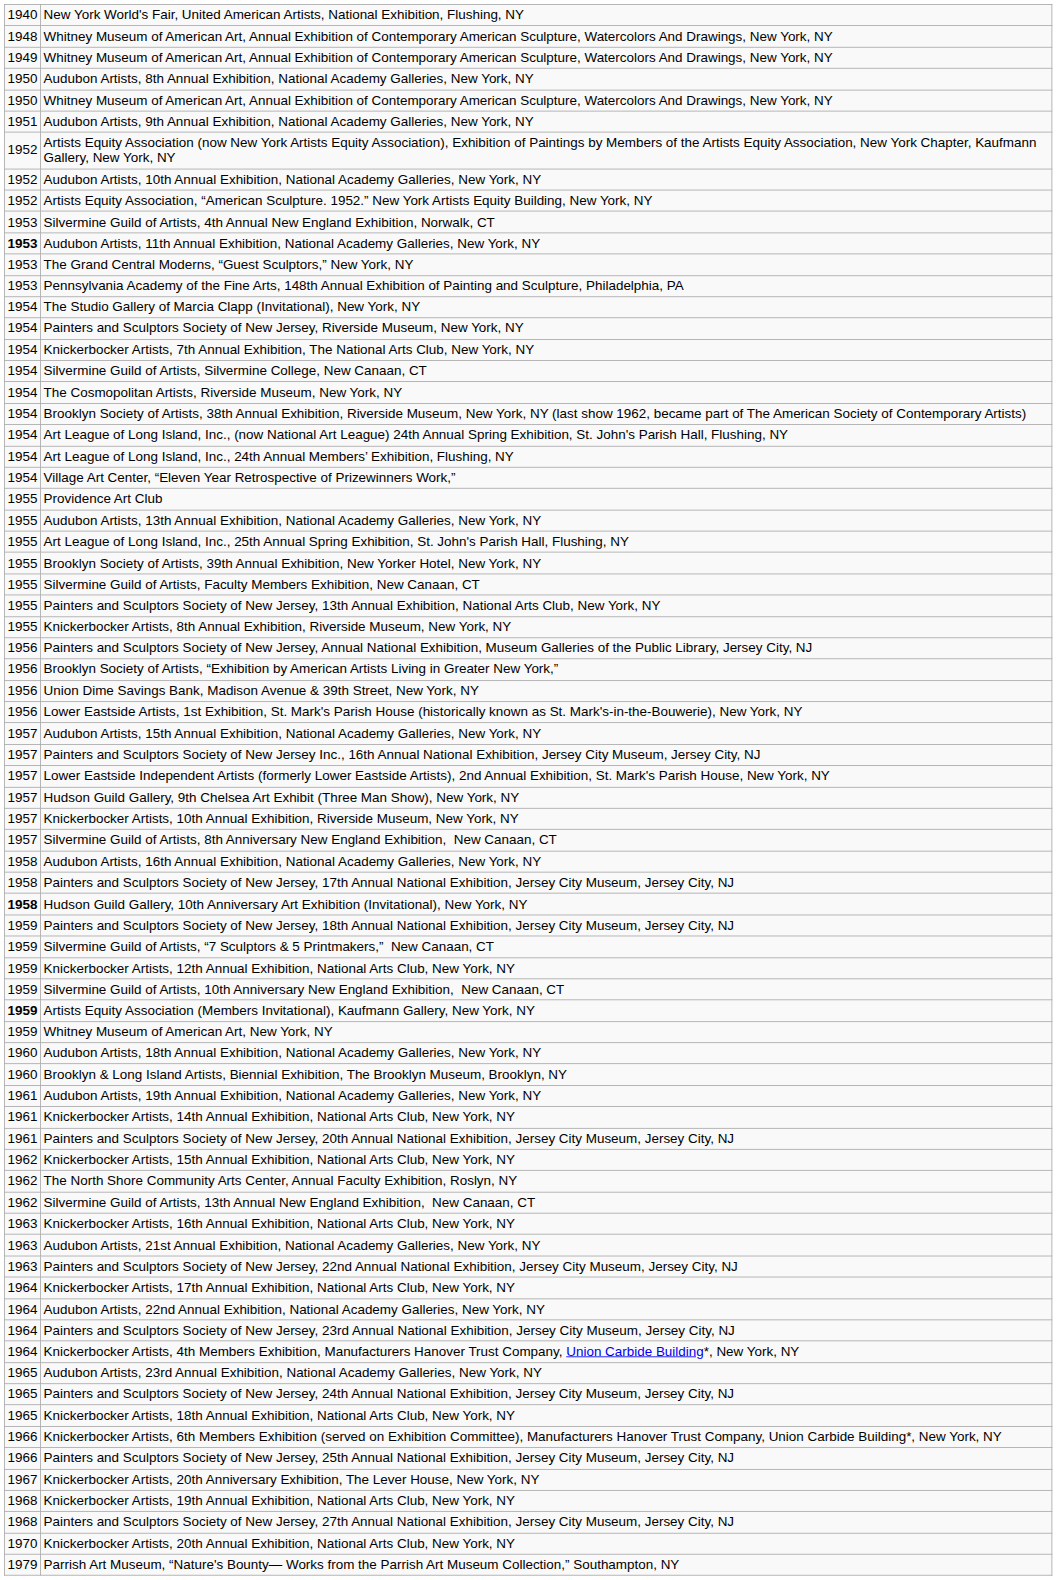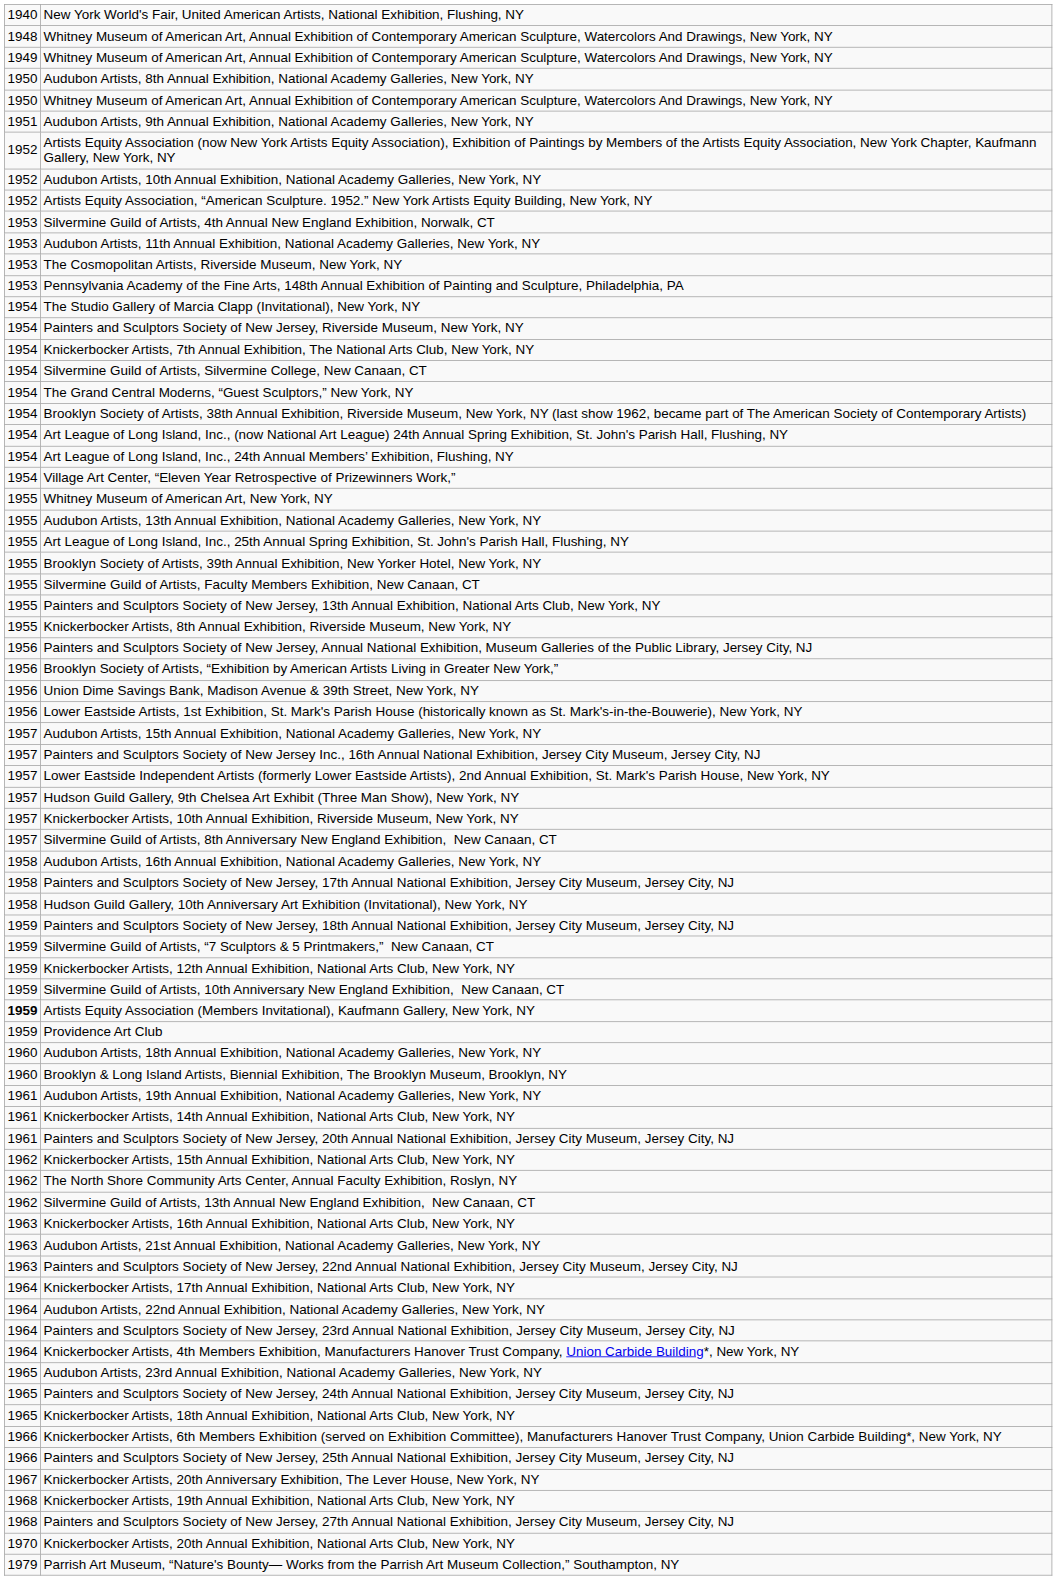 <table class="wikitable">
 <tr>
 <td>1940</td>
 <td>New York World's Fair, United American Artists, National Exhibition, Flushing, NY</td>
 </tr>
 <tr>
 <td>1948</td>
 <td>Whitney Museum of American Art, Annual Exhibition of Contemporary American Sculpture, Watercolors And Drawings, New York, NY</td>
 </tr>
 <tr>
 <td>1949</td>
 <td>Whitney Museum of American Art, Annual Exhibition of Contemporary American Sculpture, Watercolors And Drawings, New York, NY</td>
 </tr>
 <tr>
 <td>1950</td>
 <td>Audubon Artists, 8th Annual Exhibition, National Academy Galleries, New York, NY</td>
 </tr>
 <tr>
 <td>1950</td>
 <td>Whitney Museum of American Art, Annual Exhibition of Contemporary American Sculpture, Watercolors And Drawings, New York, NY</td>
 </tr>
 <tr>
 <td>1951</td>
 <td>Audubon Artists, 9th Annual Exhibition, National Academy Galleries, New York, NY</td>
 </tr>
 <tr>
 <td>1952</td>
 <td>Artists Equity Association (now New York Artists Equity Association), Exhibition of Paintings by Members of the Artists Equity Association, New York Chapter, Kaufmann Gallery, New York, NY</td>
 </tr>
 <tr>
 <td>1952</td>
 <td>Audubon Artists, 10th Annual Exhibition, National Academy Galleries, New York, NY</td>
 </tr>
 <tr>
 <td>1952</td>
 <td>Artists Equity Association, “American Sculpture. 1952.” New York Artists Equity Building, New York, NY</td>
 </tr>
 <tr>
 <td>1953</td>
 <td>Silvermine Guild of Artists, 4th Annual New England Exhibition, Norwalk, CT</td>
 </tr>
 <tr>
-<td><strong>1953</strong></td>
+<td>1953</td>
 <td>Audubon Artists, 11th Annual Exhibition, National Academy Galleries, New York, NY</td>
 </tr>
 <tr>
 <td>1953</td>
-<td>The Grand Central Moderns, “Guest Sculptors,” New York, NY</td>
+<td>The Cosmopolitan Artists, Riverside Museum, New York, NY</td>
 </tr>
 <tr>
 <td>1953</td>
 <td>Pennsylvania Academy of the Fine Arts, 148th Annual Exhibition of Painting and Sculpture, Philadelphia, PA</td>
 </tr>
 <tr>
 <td>1954</td>
 <td>The Studio Gallery of Marcia Clapp (Invitational), New York, NY</td>
 </tr>
 <tr>
 <td>1954</td>
 <td>Painters and Sculptors Society of New Jersey, Riverside Museum, New York, NY</td>
 </tr>
 <tr>
 <td>1954</td>
 <td>Knickerbocker Artists, 7th Annual Exhibition, The National Arts Club, New York, NY</td>
 </tr>
 <tr>
 <td>1954</td>
 <td>Silvermine Guild of Artists, Silvermine College, New Canaan, CT</td>
 </tr>
 <tr>
 <td>1954</td>
-<td>The Cosmopolitan Artists, Riverside Museum, New York, NY</td>
+<td>The Grand Central Moderns, “Guest Sculptors,” New York, NY</td>
 </tr>
 <tr>
 <td>1954</td>
 <td>Brooklyn Society of Artists, 38th Annual Exhibition, Riverside Museum, New York, NY (last show 1962, became part of The American Society of Contemporary Artists)</td>
 </tr>
 <tr>
 <td>1954</td>
 <td>Art League of Long Island, Inc., (now National Art League) 24th Annual Spring Exhibition, St. John's Parish Hall, Flushing, NY</td>
 </tr>
 <tr>
 <td>1954</td>
 <td>Art League of Long Island, Inc., 24th Annual Members’ Exhibition, Flushing, NY</td>
 </tr>
 <tr>
 <td>1954</td>
 <td>Village Art Center, “Eleven Year Retrospective of Prizewinners Work,”</td>
 </tr>
 <tr>
 <td>1955</td>
-<td>Providence Art Club</td>
+<td>Whitney Museum of American Art, New York, NY</td>
 </tr>
 <tr>
 <td>1955</td>
 <td>Audubon Artists, 13th Annual Exhibition, National Academy Galleries, New York, NY</td>
 </tr>
 <tr>
 <td>1955</td>
 <td>Art League of Long Island, Inc., 25th Annual Spring Exhibition, St. John's Parish Hall, Flushing, NY</td>
 </tr>
 <tr>
 <td>1955</td>
 <td>Brooklyn Society of Artists, 39th Annual Exhibition, New Yorker Hotel, New York, NY</td>
 </tr>
 <tr>
 <td>1955</td>
 <td>Silvermine Guild of Artists, Faculty Members Exhibition, New Canaan, CT</td>
 </tr>
 <tr>
 <td>1955</td>
 <td>Painters and Sculptors Society of New Jersey, 13th Annual Exhibition, National Arts Club, New York, NY</td>
 </tr>
 <tr>
 <td>1955</td>
 <td>Knickerbocker Artists, 8th Annual Exhibition, Riverside Museum, New York, NY</td>
 </tr>
 <tr>
 <td>1956</td>
 <td>Painters and Sculptors Society of New Jersey, Annual National Exhibition, Museum Galleries of the Public Library, Jersey City, NJ</td>
 </tr>
 <tr>
 <td>1956</td>
 <td>Brooklyn Society of Artists, “Exhibition by American Artists Living in Greater New York,”</td>
 </tr>
 <tr>
 <td>1956</td>
 <td>Union Dime Savings Bank, Madison Avenue & 39th Street, New York, NY</td>
 </tr>
 <tr>
 <td>1956</td>
 <td>Lower Eastside Artists, 1st Exhibition, St. Mark's Parish House (historically known as St. Mark's-in-the-Bouwerie), New York, NY</td>
 </tr>
 <tr>
 <td>1957</td>
 <td>Audubon Artists, 15th Annual Exhibition, National Academy Galleries, New York, NY</td>
 </tr>
 <tr>
 <td>1957</td>
 <td>Painters and Sculptors Society of New Jersey Inc., 16th Annual National Exhibition, Jersey City Museum, Jersey City, NJ</td>
 </tr>
 <tr>
 <td>1957</td>
 <td>Lower Eastside Independent Artists (formerly Lower Eastside Artists), 2nd Annual Exhibition, St. Mark's Parish House, New York, NY</td>
 </tr>
 <tr>
 <td>1957</td>
 <td>Hudson Guild Gallery, 9th Chelsea Art Exhibit (Three Man Show), New York, NY</td>
 </tr>
 <tr>
 <td>1957</td>
 <td>Knickerbocker Artists, 10th Annual Exhibition, Riverside Museum, New York, NY</td>
 </tr>
 <tr>
 <td>1957</td>
 <td>Silvermine Guild of Artists, 8th Anniversary New England Exhibition,  New Canaan, CT</td>
 </tr>
 <tr>
 <td>1958</td>
 <td>Audubon Artists, 16th Annual Exhibition, National Academy Galleries, New York, NY</td>
 </tr>
 <tr>
 <td>1958</td>
 <td>Painters and Sculptors Society of New Jersey, 17th Annual National Exhibition, Jersey City Museum, Jersey City, NJ</td>
 </tr>
 <tr>
-<td><strong>1958</strong></td>
+<td>1958</td>
 <td>Hudson Guild Gallery, 10th Anniversary Art Exhibition (Invitational), New York, NY</td>
 </tr>
 <tr>
 <td>1959</td>
 <td>Painters and Sculptors Society of New Jersey, 18th Annual National Exhibition, Jersey City Museum, Jersey City, NJ</td>
 </tr>
 <tr>
 <td>1959</td>
 <td>Silvermine Guild of Artists, “7 Sculptors & 5 Printmakers,”  New Canaan, CT</td>
 </tr>
 <tr>
 <td>1959</td>
 <td>Knickerbocker Artists, 12th Annual Exhibition, National Arts Club, New York, NY</td>
 </tr>
 <tr>
 <td>1959</td>
 <td>Silvermine Guild of Artists, 10th Anniversary New England Exhibition,  New Canaan, CT</td>
 </tr>
 <tr>
 <td><strong>1959</strong></td>
 <td>Artists Equity Association (Members Invitational), Kaufmann Gallery, New York, NY</td>
 </tr>
 <tr>
 <td>1959</td>
-<td>Whitney Museum of American Art, New York, NY</td>
+<td>Providence Art Club</td>
 </tr>
 <tr>
 <td>1960</td>
 <td>Audubon Artists, 18th Annual Exhibition, National Academy Galleries, New York, NY</td>
 </tr>
 <tr>
 <td>1960</td>
 <td>Brooklyn & Long Island Artists, Biennial Exhibition, The Brooklyn Museum, Brooklyn, NY</td>
 </tr>
 <tr>
 <td>1961</td>
 <td>Audubon Artists, 19th Annual Exhibition, National Academy Galleries, New York, NY</td>
 </tr>
 <tr>
 <td>1961</td>
 <td>Knickerbocker Artists, 14th Annual Exhibition, National Arts Club, New York, NY</td>
 </tr>
 <tr>
 <td>1961</td>
 <td>Painters and Sculptors Society of New Jersey, 20th Annual National Exhibition, Jersey City Museum, Jersey City, NJ</td>
 </tr>
 <tr>
 <td>1962</td>
 <td>Knickerbocker Artists, 15th Annual Exhibition, National Arts Club, New York, NY</td>
 </tr>
 <tr>
 <td>1962</td>
 <td>The North Shore Community Arts Center, Annual Faculty Exhibition, Roslyn, NY</td>
 </tr>
 <tr>
 <td>1962</td>
 <td>Silvermine Guild of Artists, 13th Annual New England Exhibition,  New Canaan, CT</td>
 </tr>
 <tr>
 <td>1963</td>
 <td>Knickerbocker Artists, 16th Annual Exhibition, National Arts Club, New York, NY</td>
 </tr>
 <tr>
 <td>1963</td>
 <td>Audubon Artists, 21st Annual Exhibition, National Academy Galleries, New York, NY</td>
 </tr>
 <tr>
 <td>1963</td>
 <td>Painters and Sculptors Society of New Jersey, 22nd Annual National Exhibition, Jersey City Museum, Jersey City, NJ</td>
 </tr>
 <tr>
 <td>1964</td>
 <td>Knickerbocker Artists, 17th Annual Exhibition, National Arts Club, New York, NY</td>
 </tr>
 <tr>
 <td>1964</td>
 <td>Audubon Artists, 22nd Annual Exhibition, National Academy Galleries, New York, NY</td>
 </tr>
 <tr>
 <td>1964</td>
 <td>Painters and Sculptors Society of New Jersey, 23rd Annual National Exhibition, Jersey City Museum, Jersey City, NJ</td>
 </tr>
 <tr>
 <td>1964</td>
 <td>Knickerbocker Artists, 4th Members Exhibition, Manufacturers Hanover Trust Company, <a href='#'>Union Carbide Building</a>*, New York, NY</td>
 </tr>
 <tr>
 <td>1965</td>
 <td>Audubon Artists, 23rd Annual Exhibition, National Academy Galleries, New York, NY</td>
 </tr>
 <tr>
 <td>1965</td>
 <td>Painters and Sculptors Society of New Jersey, 24th Annual National Exhibition, Jersey City Museum, Jersey City, NJ</td>
 </tr>
 <tr>
 <td>1965</td>
 <td>Knickerbocker Artists, 18th Annual Exhibition, National Arts Club, New York, NY</td>
 </tr>
 <tr>
 <td>1966</td>
 <td>Knickerbocker Artists, 6th Members Exhibition (served on Exhibition Committee), Manufacturers Hanover Trust Company, Union Carbide Building*, New York, NY</td>
 </tr>
 <tr>
 <td>1966</td>
 <td>Painters and Sculptors Society of New Jersey, 25th Annual National Exhibition, Jersey City Museum, Jersey City, NJ</td>
 </tr>
 <tr>
 <td>1967</td>
 <td>Knickerbocker Artists, 20th Anniversary Exhibition, The Lever House, New York, NY</td>
 </tr>
 <tr>
 <td>1968</td>
 <td>Knickerbocker Artists, 19th Annual Exhibition, National Arts Club, New York, NY</td>
 </tr>
 <tr>
 <td>1968</td>
 <td>Painters and Sculptors Society of New Jersey, 27th Annual National Exhibition, Jersey City Museum, Jersey City, NJ</td>
 </tr>
 <tr>
 <td>1970</td>
 <td>Knickerbocker Artists, 20th Annual Exhibition, National Arts Club, New York, NY</td>
 </tr>
 <tr>
 <td>1979</td>
 <td>Parrish Art Museum, “Nature's Bounty— Works from the Parrish Art Museum Collection,” Southampton, NY</td>
 </tr>
 </table>
